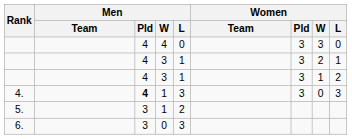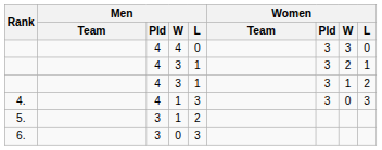 <table class=wikitable>
 <tr>
 <th rowspan=2>Rank</th>
 <th colspan=4>Men</th>
 <th colspan=4>Women</th>
 </tr>
 <tr>
 <th width=150px>Team</th>
 <th width=20px>Pld</th>
 <th width=20px>W</th>
 <th width=20px>L</th>
 <th width=150px>Team</th>
 <th width=20px>Pld</th>
 <th width=20px>W</th>
 <th width=20px>L</th>
 </tr>
 <tr align=center>
 <td></td>
 <td align=left></td>
 <td>4</td>
 <td>4</td>
 <td>0</td>
 <td align=left></td>
 <td>3</td>
 <td>3</td>
 <td>0</td>
 </tr>
 <tr align=center>
 <td></td>
 <td align=left></td>
 <td>4</td>
 <td>3</td>
 <td>1</td>
 <td align=left></td>
 <td>3</td>
 <td>2</td>
 <td>1</td>
 </tr>
 <tr align=center>
 <td></td>
 <td align=left></td>
 <td>4</td>
 <td>3</td>
 <td>1</td>
 <td align=left></td>
 <td>3</td>
 <td>1</td>
 <td>2</td>
 </tr>
 <tr align=center>
 <td>4.</td>
 <td align=left></td>
-<td><strong>4</strong></td>
+<td>4</td>
 <td>1</td>
 <td>3</td>
 <td align=left></td>
 <td>3</td>
 <td>0</td>
 <td>3</td>
 </tr>
 <tr align=center>
 <td>5.</td>
 <td align=left></td>
 <td>3</td>
 <td>1</td>
 <td>2</td>
 <td></td>
 <td></td>
 <td></td>
 <td></td>
 </tr>
 <tr align=center>
 <td>6.</td>
 <td align=left></td>
 <td>3</td>
 <td>0</td>
 <td>3</td>
 <td></td>
 <td></td>
 <td></td>
 <td></td>
 </tr>
 </table>
